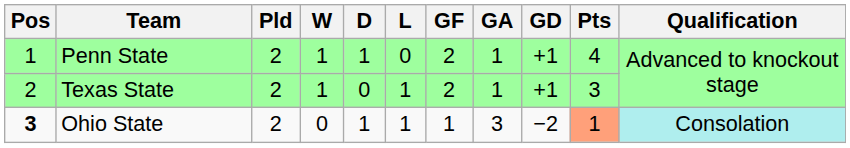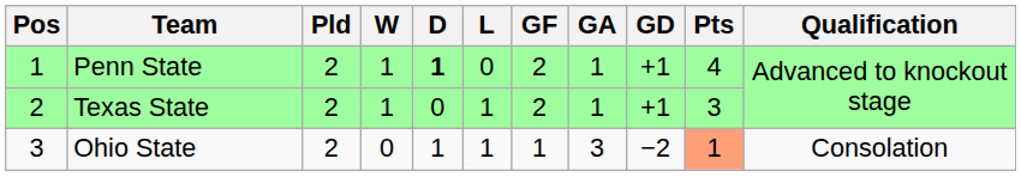 <table class="wikitable" style="text-align:center; margin: 1em auto">
 <tr>
 <th style="width:2em">Pos</th>
 <th style="width:13em">Team</th>
 <th style="width:2em">Pld</th>
 <th style="width:2em">W</th>
 <th style="width:2em">D</th>
 <th style="width:2em">L</th>
 <th style="width:2em">GF</th>
 <th style="width:2em">GA</th>
 <th style="width:2em">GD</th>
 <th style="width:2em">Pts</th>
 <th style="width:13em">Qualification</th>
 </tr>
 <tr bgcolor="#9eff9e">
 <td>1</td>
 <td style="text-align:left">Penn State</td>
 <td>2</td>
 <td>1</td>
-<td>1</td>
+<td><strong>1</strong></td>
 <td>0</td>
 <td>2</td>
 <td>1</td>
 <td>+1</td>
 <td>4</td>
 <td rowspan="2">Advanced to knockout stage</td>
 </tr>
 <tr bgcolor="#9eff9e">
 <td>2</td>
 <td style="text-align:left">Texas State</td>
 <td>2</td>
 <td>1</td>
 <td>0</td>
 <td>1</td>
 <td>2</td>
 <td>1</td>
 <td>+1</td>
 <td>3</td>
 </tr>
 <tr>
-<td><strong>3</strong></td>
+<td>3</td>
 <td style="text-align:left">Ohio State</td>
 <td>2</td>
 <td>0</td>
 <td>1</td>
 <td>1</td>
 <td>1</td>
 <td>3</td>
 <td>−2</td>
 <td style="background: lightsalmon;">1</td>
-<td style="background: paleturquoise;">Consolation</td>
+<td>Consolation</td>
 </tr>
 </table>
